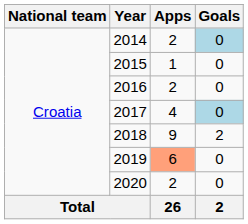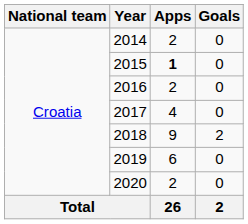 <table class="wikitable" style="text-align:center">
 <tr>
 <th>National team</th>
 <th>Year</th>
 <th>Apps</th>
 <th>Goals</th>
 </tr>
 <tr>
 <td rowspan="7"><a href='#'>Croatia</a></td>
 <td>2014</td>
 <td>2</td>
-<td style="background: lightblue;">0</td>
+<td>0</td>
 </tr>
 <tr>
 <td>2015</td>
-<td>1</td>
+<td><strong>1</strong></td>
 <td>0</td>
 </tr>
 <tr>
 <td>2016</td>
 <td>2</td>
 <td>0</td>
 </tr>
 <tr>
 <td>2017</td>
 <td>4</td>
-<td style="background: lightblue;">0</td>
+<td>0</td>
 </tr>
 <tr>
 <td>2018</td>
 <td>9</td>
 <td>2</td>
 </tr>
 <tr>
 <td>2019</td>
-<td style="background: lightsalmon;">6</td>
+<td>6</td>
 <td>0</td>
 </tr>
 <tr>
 <td>2020</td>
 <td>2</td>
 <td>0</td>
 </tr>
 <tr>
 <th colspan="2">Total</th>
 <th>26</th>
 <th>2</th>
 </tr>
 </table>
